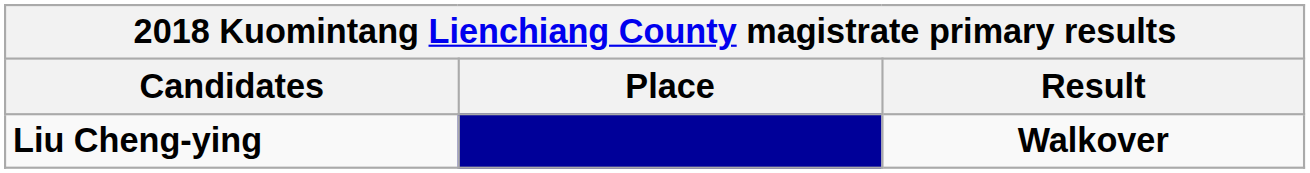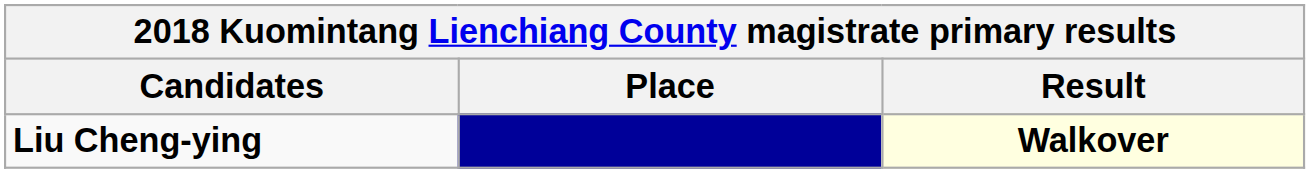 <table class="wikitable collapsible">
 <tr>
 <th colspan="6" width=600>2018 Kuomintang <a href='#'>Lienchiang County</a> magistrate primary results</th>
 </tr>
 <tr>
 <th width=80>Candidates</th>
 <th width=80>Place</th>
 <th width=80>Result</th>
 </tr>
 <tr>
 <td><strong>Liu Cheng-ying</strong></td>
 <td style="background: #000099; text-align:center"><strong></strong></td>
-<td style="text-align:center"><strong>Walkover</strong></td>
+<td style="background: lightyellow; text-align:center"><strong>Walkover</strong></td>
 </tr>
 </table>
